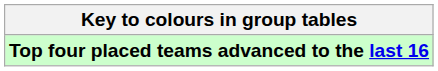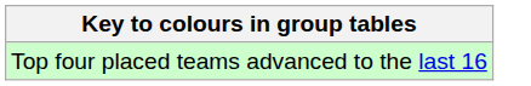 <table class="wikitable">
 <tr>
 <th>Key to colours in group tables</th>
 </tr>
 <tr bgcolor=ccffcc>
-<td><strong>Top four placed teams advanced to the <a href='#'>last 16</a></strong></td>
+<td>Top four placed teams advanced to the <a href='#'>last 16</a></td>
 </tr>
 </table>
